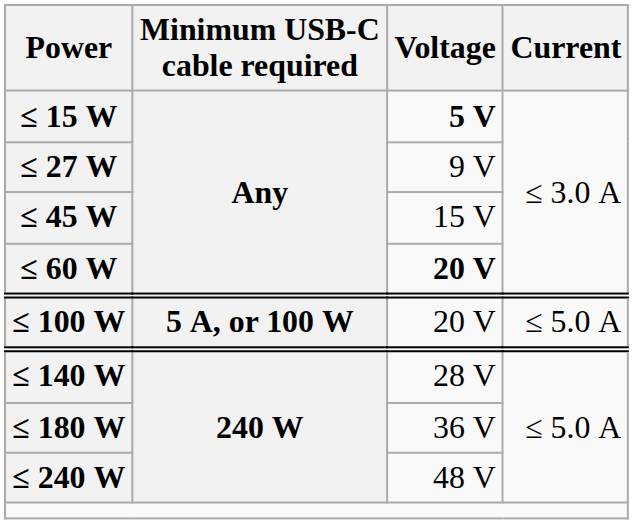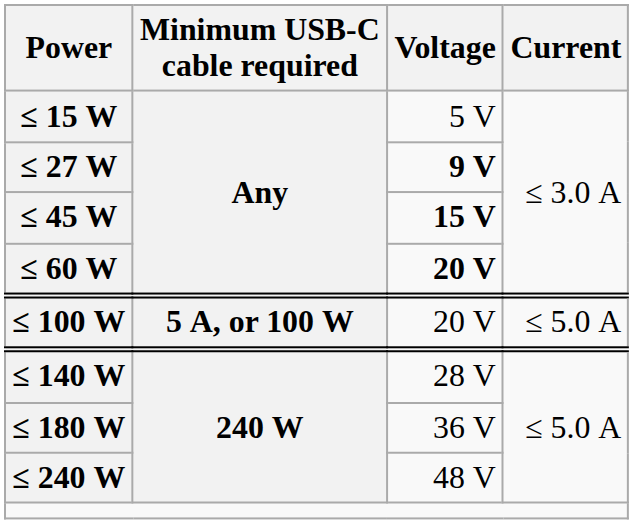 <table class="wikitable floatright" style=text-align:right>
 <tr>
 <th>Power</th>
 <th style=max-width:14em>Minimum USB‑C<br>cable required</th>
 <th>Voltage</th>
 <th>Current</th>
 </tr>
 <tr>
 <th>≤ 15 W</th>
 <th rowspan=4>Any</th>
-<td><strong>5 V</strong></td>
+<td>5 V</td>
 <td rowspan=4>≤ 3.0 A</td>
 </tr>
 <tr>
 <th>≤ 27 W</th>
-<td>9 V</td>
+<td><strong>9 V</strong></td>
 </tr>
 <tr>
 <th>≤ 45 W</th>
-<td>15 V</td>
+<td><strong>15 V</strong></td>
 </tr>
 <tr>
 <th>≤ 60 W</th>
 <td><strong>20 V</strong></td>
 </tr>
 <tr style="border-top: double; border-bottom: double;">
 <th>≤ 100 W</th>
 <th>5 A, or 100 W</th>
 <td>20 V</td>
 <td halign="right">≤ 5.0 A</td>
 </tr>
 <tr>
 <th>≤ 140 W</th>
 <th rowspan=3>240 W</th>
 <td>28 V</td>
 <td rowspan=3>≤ 5.0 A</td>
 </tr>
 <tr>
 <th>≤ 180 W</th>
 <td>36 V</td>
 </tr>
 <tr>
 <th>≤ 240 W</th>
 <td>48 V</td>
 </tr>
 <tr>
 <td colspan=9></td>
 </tr>
 </table>
